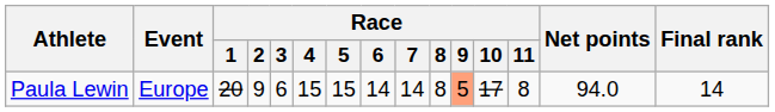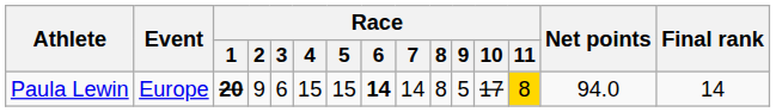 <table class="wikitable" style="font-size:90%">
 <tr>
 <th rowspan=2>Athlete</th>
 <th rowspan=2>Event</th>
 <th colspan=11>Race</th>
 <th rowspan=2>Net points</th>
 <th rowspan=2>Final rank</th>
 </tr>
 <tr style="font-size:95%">
 <th>1</th>
 <th>2</th>
 <th>3</th>
 <th>4</th>
 <th>5</th>
 <th>6</th>
 <th>7</th>
 <th>8</th>
 <th>9</th>
 <th>10</th>
 <th>11</th>
 </tr>
 <tr align=center>
 <td align=left><a href='#'>Paula Lewin</a></td>
 <td align=left><a href='#'>Europe</a></td>
-<td><s>20</s></td>
+<td><strong><s>20</s></strong></td>
 <td>9</td>
 <td>6</td>
 <td>15</td>
 <td>15</td>
-<td>14</td>
+<td><strong>14</strong></td>
 <td>14</td>
 <td>8</td>
-<td style="background: lightsalmon;">5</td>
+<td>5</td>
 <td><s>17</s></td>
-<td>8</td>
+<td style="background: gold;">8</td>
 <td>94.0</td>
 <td>14</td>
 </tr>
 </table>
